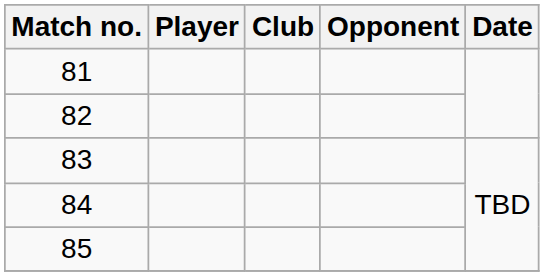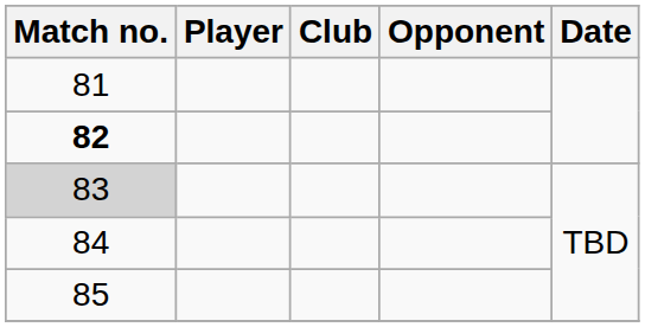 <table class="wikitable" style="text-align:center">
 <tr>
 <th>Match no.</th>
 <th>Player</th>
 <th>Club</th>
 <th>Opponent</th>
 <th>Date</th>
 </tr>
 <tr>
 <td>81</td>
 <td align="left"></td>
 <td></td>
 <td></td>
 <td rowspan="2"></td>
 </tr>
 <tr>
-<td>82</td>
+<td><strong>82</strong></td>
 <td align="left"></td>
 <td></td>
 <td></td>
 </tr>
 <tr>
-<td>83</td>
+<td style="background: lightgrey;">83</td>
 <td align="left"></td>
 <td></td>
 <td></td>
 <td rowspan="3">TBD</td>
 </tr>
 <tr>
 <td>84</td>
 <td align="left"></td>
 <td></td>
 <td></td>
 </tr>
 <tr>
 <td>85</td>
 <td align="left"></td>
 <td></td>
 <td></td>
 </tr>
 <tr>
 </tr>
 </table>
